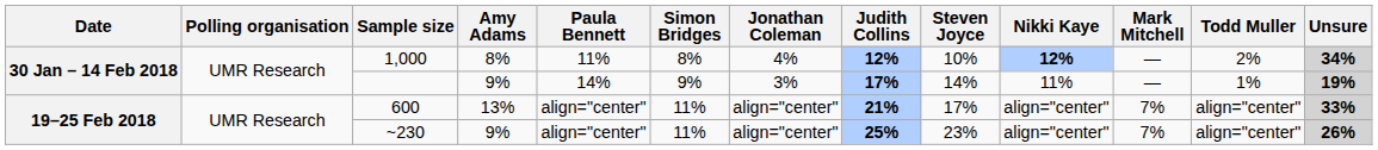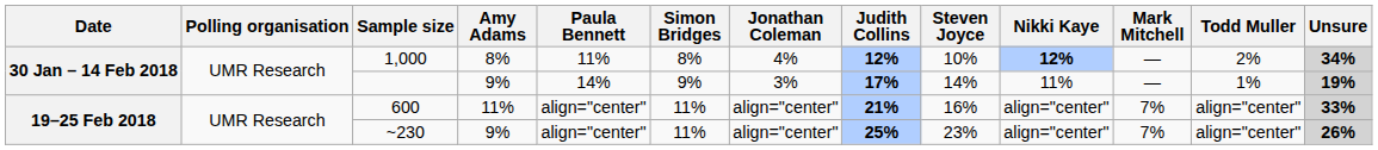 <table class="wikitable" style="font-size:90%;line-height:14px;text-align:center;">
 <tr>
 <th scope="column">Date</th>
 <th scope="column">Polling organisation</th>
 <th scope="column">Sample size</th>
 <th scope="column" style="width:60px">Amy Adams</th>
 <th scope="column" style="width:60px">Paula Bennett</th>
 <th scope="column" style="width:60px">Simon Bridges</th>
 <th scope="column" style="width:60px">Jonathan Coleman</th>
 <th scope="column" style="width:60px">Judith Collins</th>
 <th scope="column" style="width:60px">Steven Joyce</th>
 <th scope="column" style="width:60px">Nikki Kaye</th>
 <th scope="column" style="width:60px">Mark Mitchell</th>
 <th scope="column" style="width:60px">Todd Muller</th>
 <th scope="column">Unsure</th>
 </tr>
 <tr>
 <th scope="row" rowspan="2">30 Jan – 14 Feb 2018</th>
 <td rowspan="2">UMR Research</td>
 <td>1,000</td>
 <td align="center">8%</td>
 <td align="center">11%</td>
 <td align="center">8%</td>
 <td align="center">4%</td>
 <td align="center" style="background:#B0CEFF"><strong>12%</strong></td>
 <td align="center">10%</td>
 <td align="center" style="background:#B0CEFF"><strong>12%</strong></td>
 <td align="center">—</td>
 <td align="center">2%</td>
 <td align="center" style="background:lightgray"><strong>34%</strong></td>
 </tr>
 <tr>
 <td></td>
 <td align="center">9%</td>
 <td align="center">14%</td>
 <td align="center">9%</td>
 <td align="center">3%</td>
 <td align="center" style="background:#B0CEFF"><strong>17%</strong></td>
 <td align="center">14%</td>
 <td align="center">11%</td>
 <td align="center">—</td>
 <td align="center">1%</td>
 <td align="center" style="background:lightgray"><strong>19%</strong></td>
 </tr>
 <tr>
 <th scope="row" rowspan="2">19–25 Feb 2018</th>
 <td rowspan="2">UMR Research</td>
 <td>600</td>
-<td align="center">13%</td>
+<td align="center">11%</td>
 <td>align="center" </td>
 <td align="center">11%</td>
 <td>align="center" </td>
 <td align="center" style="background:#B0CEFF"><strong>21%</strong></td>
-<td align="center">17%</td>
+<td align="center">16%</td>
 <td>align="center" </td>
 <td align="center">7%</td>
 <td>align="center"</td>
 <td align="center" style="background:lightgray"><strong>33%</strong></td>
 </tr>
 <tr>
 <td>~230 </td>
 <td align="center">9%</td>
 <td>align="center" </td>
 <td align="center">11%</td>
 <td>align="center" </td>
 <td align="center" style="background:#B0CEFF"><strong>25%</strong></td>
 <td align="center">23%</td>
 <td>align="center" </td>
 <td align="center">7%</td>
 <td>align="center"</td>
 <td align="center" style="background:lightgray"><strong>26%</strong></td>
 </tr>
 </table>
